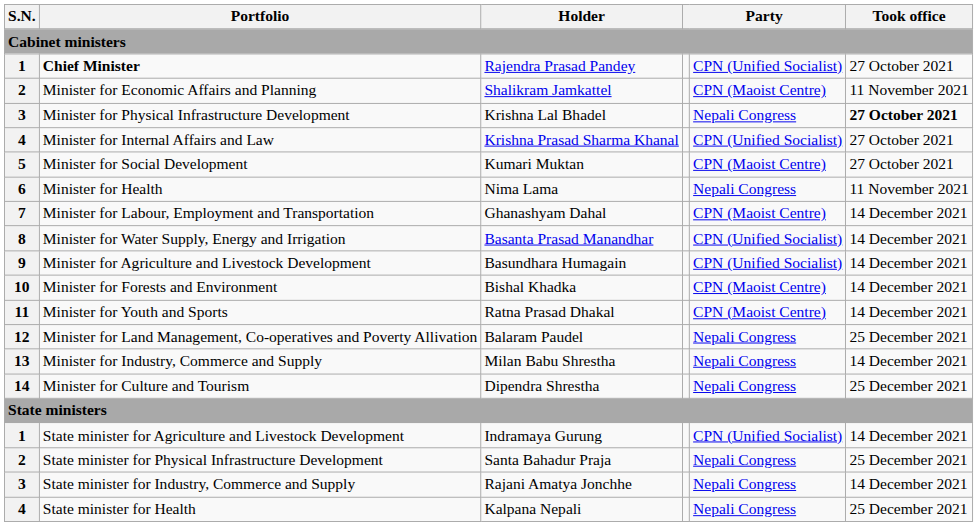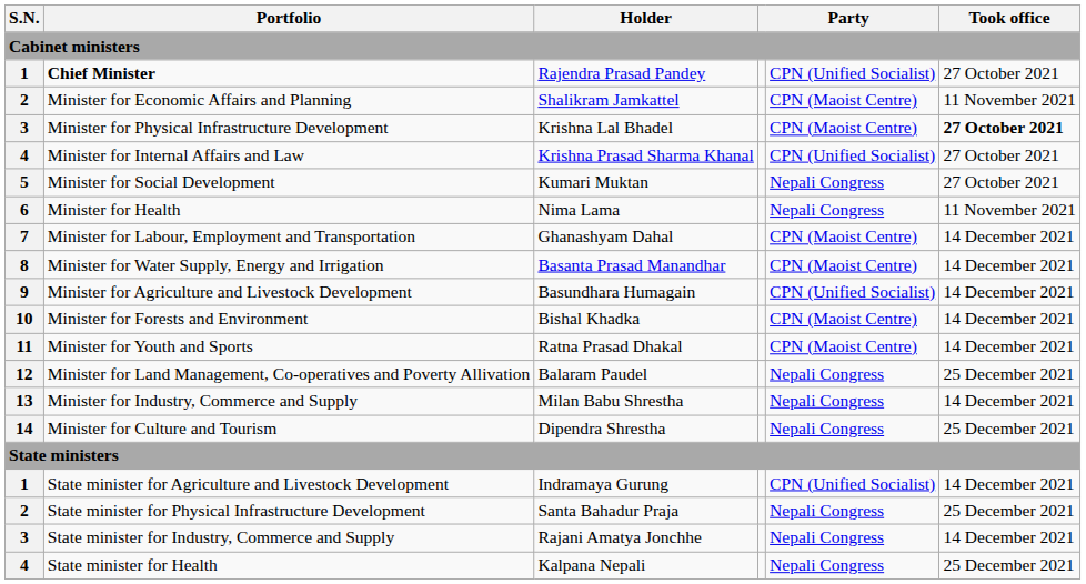 <table class="wikitable">
 <tr>
 <th>S.N.</th>
 <th>Portfolio</th>
 <th>Holder</th>
 <th colspan="2">Party</th>
 <th>Took office</th>
 </tr>
 <tr>
 <td colspan="6" bgcolor="darkgrey"><strong>Cabinet ministers</strong></td>
 </tr>
 <tr>
 <th>1</th>
 <td><strong>Chief Minister</strong></td>
 <td><a href='#'>Rajendra Prasad Pandey</a></td>
 <td></td>
 <td><a href='#'>CPN (Unified Socialist)</a></td>
 <td>27 October 2021</td>
 </tr>
 <tr>
 <th>2</th>
 <td>Minister for Economic Affairs and Planning</td>
 <td><a href='#'>Shalikram Jamkattel</a></td>
 <td></td>
 <td><a href='#'>CPN (Maoist Centre)</a></td>
 <td>11 November 2021</td>
 </tr>
 <tr>
 <th>3</th>
 <td>Minister for Physical Infrastructure Development</td>
 <td>Krishna Lal Bhadel</td>
 <td></td>
-<td><a href='#'>Nepali Congress</a></td>
+<td><a href='#'>CPN (Maoist Centre)</a></td>
 <td><strong>27 October 2021</strong></td>
 </tr>
 <tr>
 <th>4</th>
 <td>Minister for Internal Affairs and Law</td>
 <td><a href='#'>Krishna Prasad Sharma Khanal</a></td>
 <td></td>
 <td><a href='#'>CPN (Unified Socialist)</a></td>
 <td>27 October 2021</td>
 </tr>
 <tr>
 <th>5</th>
 <td>Minister for Social Development</td>
 <td>Kumari Muktan</td>
 <td></td>
-<td><a href='#'>CPN (Maoist Centre)</a></td>
+<td><a href='#'>Nepali Congress</a></td>
 <td>27 October 2021</td>
 </tr>
 <tr>
 <th>6</th>
 <td>Minister for Health</td>
 <td>Nima Lama</td>
 <td></td>
 <td><a href='#'>Nepali Congress</a></td>
 <td>11 November 2021</td>
 </tr>
 <tr>
 <th>7</th>
 <td>Minister for Labour, Employment and Transportation</td>
 <td>Ghanashyam Dahal</td>
 <td></td>
 <td><a href='#'>CPN (Maoist Centre)</a></td>
 <td>14 December 2021</td>
 </tr>
 <tr>
 <th>8</th>
 <td>Minister for Water Supply, Energy and Irrigation</td>
 <td><a href='#'>Basanta Prasad Manandhar</a></td>
 <td></td>
-<td><a href='#'>CPN (Unified Socialist)</a></td>
+<td><a href='#'>CPN (Maoist Centre)</a></td>
 <td>14 December 2021</td>
 </tr>
 <tr>
 <th>9</th>
 <td>Minister for Agriculture and Livestock Development</td>
 <td>Basundhara Humagain</td>
 <td></td>
 <td><a href='#'>CPN (Unified Socialist)</a></td>
 <td>14 December 2021</td>
 </tr>
 <tr>
 <th>10</th>
 <td>Minister for Forests and Environment</td>
 <td>Bishal Khadka</td>
 <td></td>
 <td><a href='#'>CPN (Maoist Centre)</a></td>
 <td>14 December 2021</td>
 </tr>
 <tr>
 <th>11</th>
 <td>Minister for Youth and Sports</td>
 <td>Ratna Prasad Dhakal</td>
 <td></td>
 <td><a href='#'>CPN (Maoist Centre)</a></td>
 <td>14 December 2021</td>
 </tr>
 <tr>
 <th>12</th>
 <td>Minister for Land Management, Co-operatives and Poverty Allivation</td>
 <td>Balaram Paudel</td>
 <td></td>
 <td><a href='#'>Nepali Congress</a></td>
 <td>25 December 2021</td>
 </tr>
 <tr>
 <th>13</th>
 <td>Minister for Industry, Commerce and Supply</td>
 <td>Milan Babu Shrestha</td>
 <td></td>
 <td><a href='#'>Nepali Congress</a></td>
 <td>14 December 2021</td>
 </tr>
 <tr>
 <th>14</th>
 <td>Minister for Culture and Tourism</td>
 <td>Dipendra Shrestha</td>
 <td></td>
 <td><a href='#'>Nepali Congress</a></td>
 <td>25 December 2021</td>
 </tr>
 <tr>
 <td colspan="6" bgcolor="darkgrey"><strong>State ministers</strong></td>
 </tr>
 <tr>
 <th>1</th>
 <td>State minister for Agriculture and Livestock Development</td>
 <td>Indramaya Gurung</td>
 <td></td>
 <td><a href='#'>CPN (Unified Socialist)</a></td>
 <td>14 December 2021</td>
 </tr>
 <tr>
 <th>2</th>
 <td>State minister for Physical Infrastructure Development</td>
 <td>Santa Bahadur Praja</td>
 <td></td>
 <td><a href='#'>Nepali Congress</a></td>
 <td>25 December 2021</td>
 </tr>
 <tr>
 <th>3</th>
 <td>State minister for Industry, Commerce and Supply</td>
 <td>Rajani Amatya Jonchhe</td>
 <td></td>
 <td><a href='#'>Nepali Congress</a></td>
 <td>14 December 2021</td>
 </tr>
 <tr>
 <th>4</th>
 <td>State minister for Health</td>
 <td>Kalpana Nepali</td>
 <td></td>
 <td><a href='#'>Nepali Congress</a></td>
 <td>25 December 2021</td>
 </tr>
 </table>
